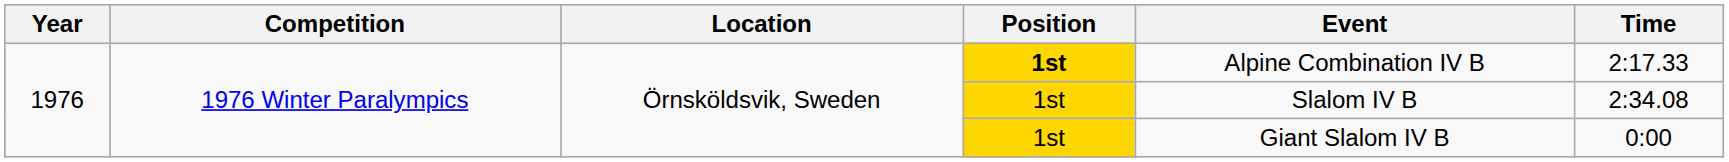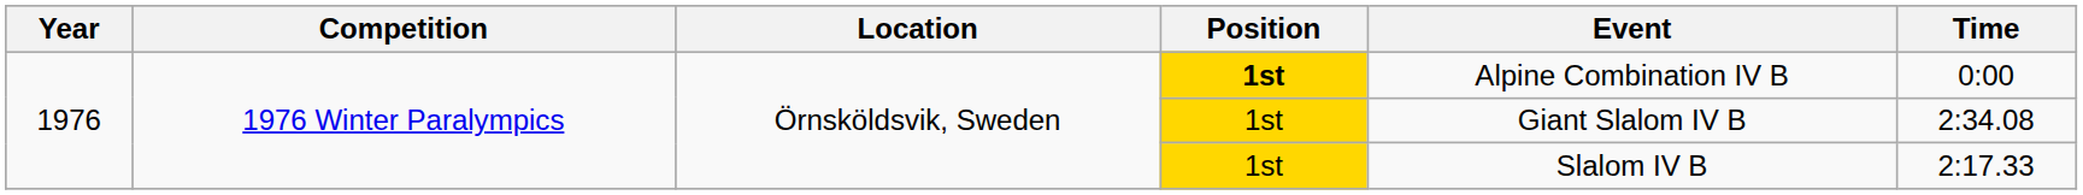 <table class="wikitable" width=65% style="font-size:90%; text-align:center;">
 <tr>
 <th>Year</th>
 <th>Competition</th>
 <th>Location</th>
 <th>Position</th>
 <th>Event</th>
 <th>Time</th>
 </tr>
 <tr>
 <td rowspan=3>1976</td>
 <td rowspan=3><a href='#'>1976 Winter Paralympics</a></td>
 <td rowspan=3>Örnsköldsvik, Sweden</td>
 <td bgcolor=gold><strong>1st</strong></td>
 <td>Alpine Combination IV B</td>
-<td>2:17.33</td>
+<td>0:00</td>
+</tr>
+<tr>
+<td bgcolor=gold>1st</td>
+<td>Giant Slalom IV B</td>
+<td>2:34.08</td>
 </tr>
 <tr>
 <td bgcolor=gold>1st</td>
 <td>Slalom IV B</td>
-<td>2:34.08</td>
-</tr>
-<tr>
-<td bgcolor=gold>1st</td>
-<td>Giant Slalom IV B</td>
-<td>0:00</td>
+<td>2:17.33</td>
 </tr>
 </table>
